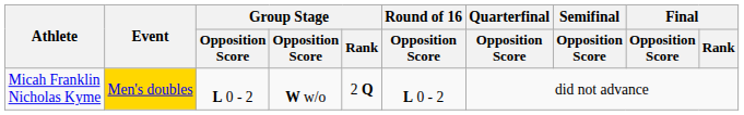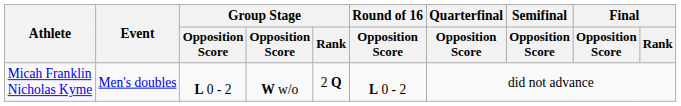 <table class="wikitable" style="font-size:90%">
 <tr>
 <th rowspan=2>Athlete</th>
 <th rowspan=2>Event</th>
 <th colspan=3>Group Stage</th>
 <th>Round of 16</th>
 <th>Quarterfinal</th>
 <th>Semifinal</th>
 <th colspan=2>Final</th>
 </tr>
 <tr style="font-size:95%">
 <th>Opposition<br>Score</th>
 <th>Opposition<br>Score</th>
 <th>Rank</th>
 <th>Opposition<br>Score</th>
 <th>Opposition<br>Score</th>
 <th>Opposition<br>Score</th>
 <th>Opposition<br>Score</th>
 <th>Rank</th>
 </tr>
 <tr align=center>
 <td align=left><a href='#'>Micah Franklin</a><br><a href='#'>Nicholas Kyme</a></td>
-<td align=left style="background: gold;"><a href='#'>Men's doubles</a></td>
+<td align=left><a href='#'>Men's doubles</a></td>
 <td><br><strong>L</strong> 0 - 2</td>
 <td><br><strong>W</strong> w/o</td>
 <td>2 <strong>Q</strong></td>
 <td><br><strong>L</strong> 0 - 2</td>
 <td colspan=4>did not advance</td>
 </tr>
 </table>
